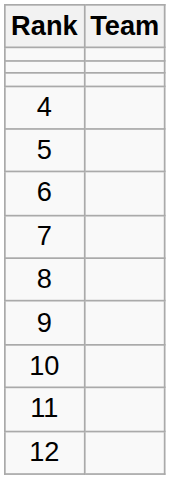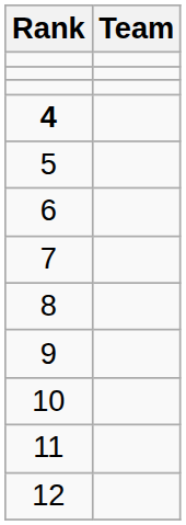 <table class="wikitable" border="1">
 <tr>
 <th>Rank</th>
 <th>Team</th>
 </tr>
 <tr>
 <td align=center></td>
 <td></td>
 </tr>
 <tr>
 <td align=center></td>
 <td></td>
 </tr>
 <tr>
 <td align=center></td>
 <td></td>
 </tr>
 <tr>
-<td align=center>4</td>
+<td align=center><strong>4</strong></td>
 <td></td>
 </tr>
 <tr>
 <td align=center>5</td>
 <td></td>
 </tr>
 <tr>
 <td align=center>6</td>
 <td></td>
 </tr>
 <tr>
 <td align=center>7</td>
 <td></td>
 </tr>
 <tr>
 <td align=center>8</td>
 <td></td>
 </tr>
 <tr>
 <td align=center>9</td>
 <td></td>
 </tr>
 <tr>
 <td align=center>10</td>
 <td></td>
 </tr>
 <tr>
 <td align=center>11</td>
 <td></td>
 </tr>
 <tr>
 <td align=center>12</td>
 <td></td>
 </tr>
 </table>
